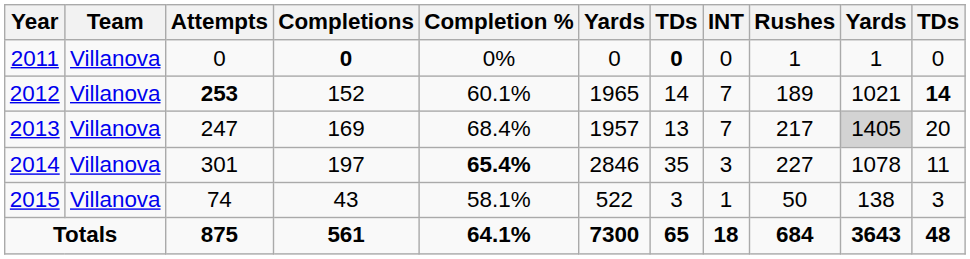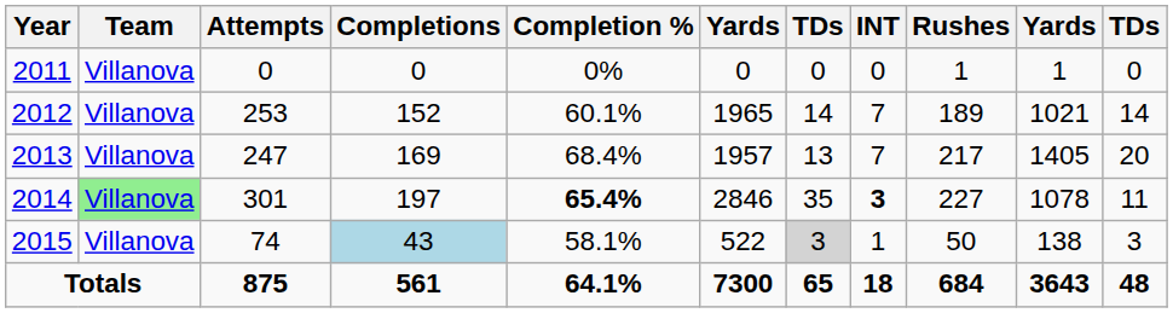 <table class="wikitable" style="text-align:center;">
 <tr>
 <th>Year</th>
 <th>Team</th>
 <th>Attempts</th>
 <th>Completions</th>
 <th>Completion %</th>
 <th>Yards</th>
 <th>TDs</th>
 <th>INT</th>
 <th>Rushes</th>
 <th>Yards</th>
 <th>TDs</th>
 </tr>
 <tr>
 <td><a href='#'>2011</a></td>
 <td><a href='#'>Villanova</a></td>
 <td>0</td>
-<td><strong>0</strong></td>
+<td>0</td>
 <td>0%</td>
 <td>0</td>
-<td><strong>0</strong></td>
+<td>0</td>
 <td>0</td>
 <td>1</td>
 <td>1</td>
 <td>0</td>
 </tr>
 <tr>
 <td><a href='#'>2012</a></td>
 <td><a href='#'>Villanova</a></td>
-<td><strong>253</strong></td>
+<td>253</td>
 <td>152</td>
 <td>60.1%</td>
 <td>1965</td>
 <td>14</td>
 <td>7</td>
 <td>189</td>
 <td>1021</td>
-<td><strong>14</strong></td>
+<td>14</td>
 </tr>
 <tr>
 <td><a href='#'>2013</a></td>
 <td><a href='#'>Villanova</a></td>
 <td>247</td>
 <td>169</td>
 <td>68.4%</td>
 <td>1957</td>
 <td>13</td>
 <td>7</td>
 <td>217</td>
-<td style="background: lightgrey;">1405</td>
+<td>1405</td>
 <td>20</td>
 </tr>
 <tr>
 <td><a href='#'>2014</a></td>
-<td><a href='#'>Villanova</a></td>
+<td style="background: lightgreen;"><a href='#'>Villanova</a></td>
 <td>301</td>
 <td>197</td>
 <td><strong>65.4%</strong></td>
 <td>2846</td>
 <td>35</td>
-<td>3</td>
+<td><strong>3</strong></td>
 <td>227</td>
 <td>1078</td>
 <td>11</td>
 </tr>
 <tr>
 <td><a href='#'>2015</a></td>
 <td><a href='#'>Villanova</a></td>
 <td>74</td>
-<td>43</td>
+<td style="background: lightblue;">43</td>
 <td>58.1%</td>
 <td>522</td>
-<td>3</td>
+<td style="background: lightgrey;">3</td>
 <td>1</td>
 <td>50</td>
 <td>138</td>
 <td>3</td>
 </tr>
 <tr>
 <td colspan=2><strong>Totals</strong></td>
 <td><strong>875</strong></td>
 <td><strong>561</strong></td>
 <td><strong>64.1%</strong></td>
 <td><strong>7300</strong></td>
 <td><strong>65</strong></td>
 <td><strong>18</strong></td>
 <td><strong>684</strong></td>
 <td><strong>3643</strong></td>
 <td><strong>48</strong></td>
 </tr>
 </table>
